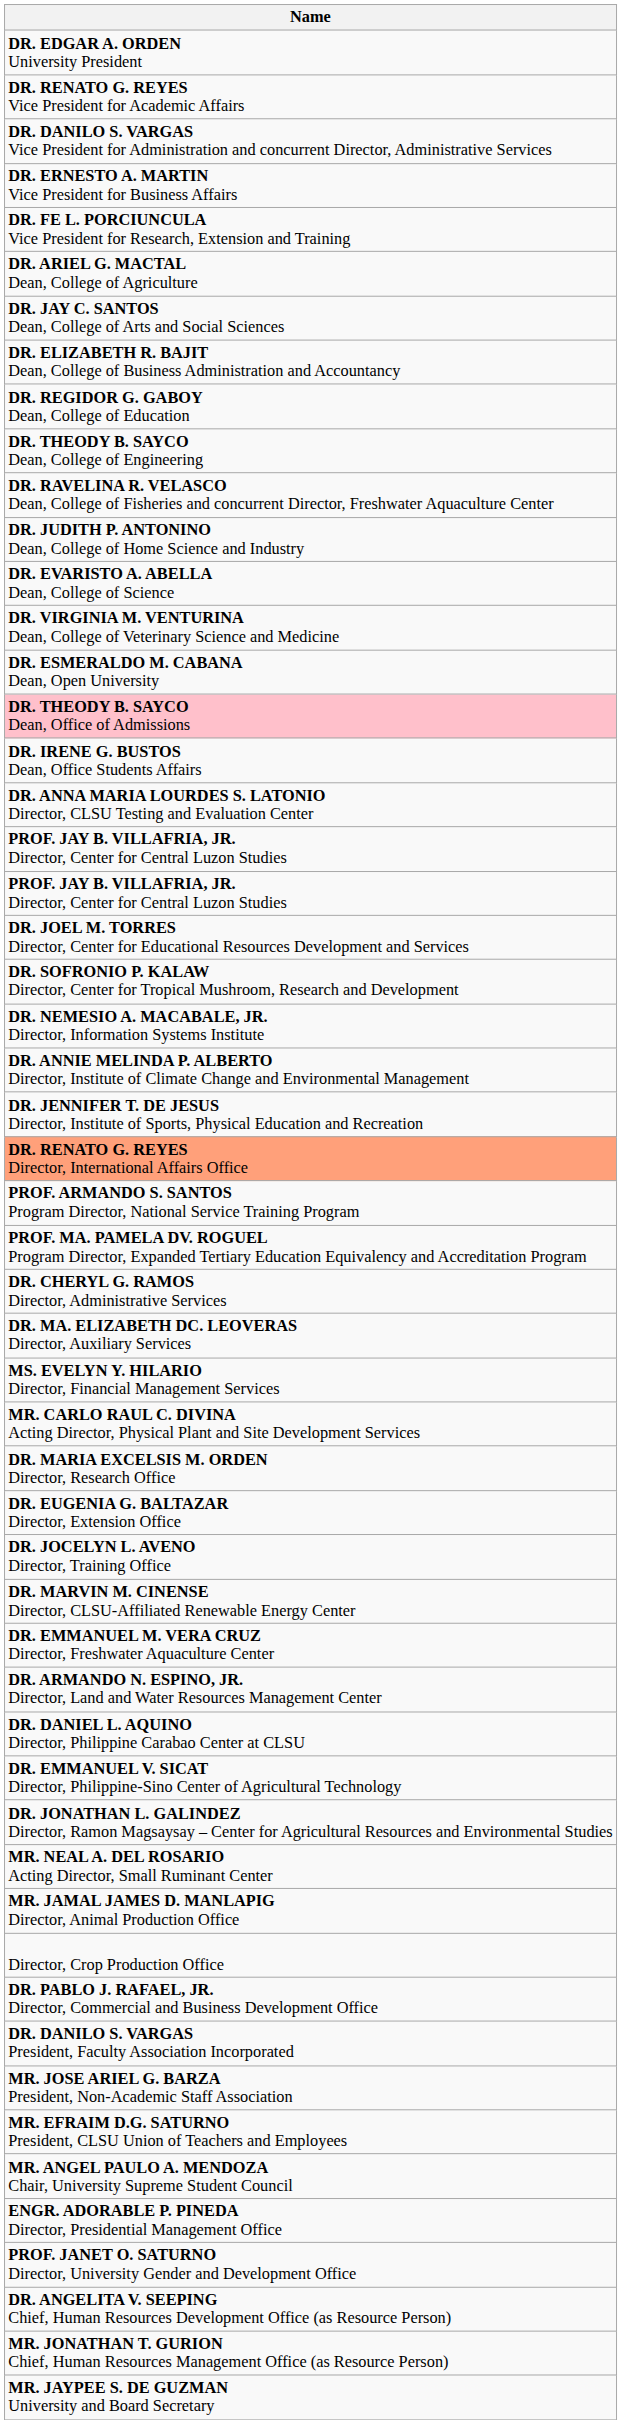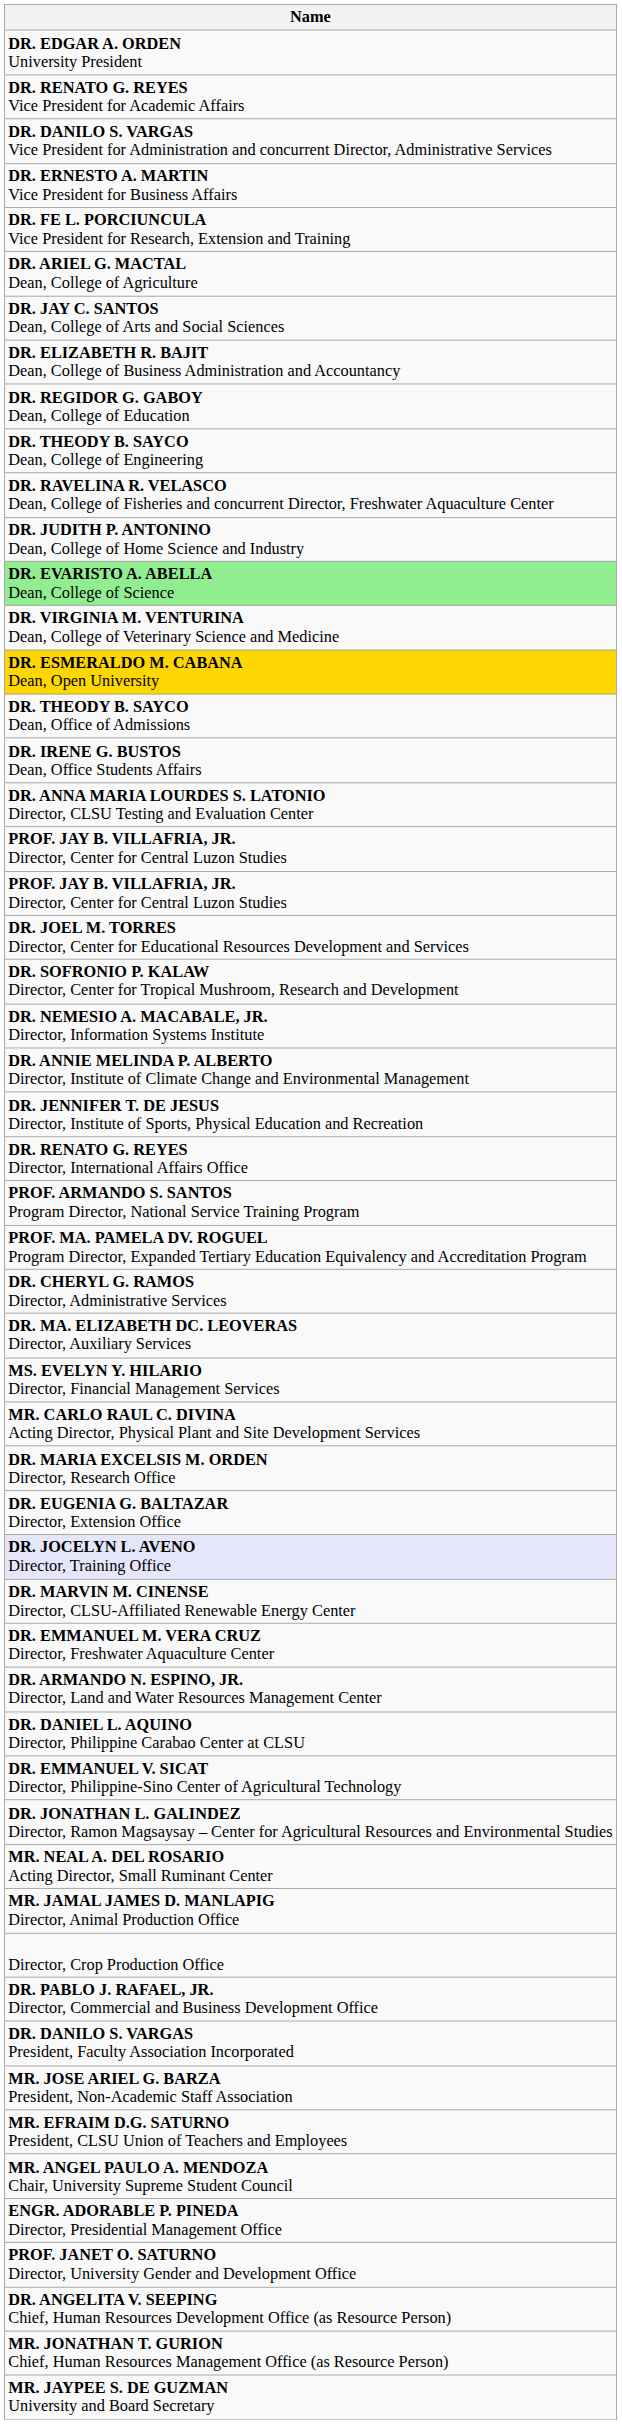 <table class="wikitable collapsible collapsed">
 <tr>
 <th>Name</th>
 </tr>
 <tr>
 <td><strong>DR. EDGAR A. ORDEN</strong><br>University President</td>
 </tr>
 <tr>
 <td><strong>DR. RENATO G. REYES</strong><br>Vice President for Academic Affairs</td>
 </tr>
 <tr>
 <td><strong>DR. DANILO S. VARGAS</strong><br>Vice President for Administration and concurrent Director, Administrative Services</td>
 </tr>
 <tr>
 <td><strong>DR. ERNESTO A. MARTIN</strong><br>Vice President for Business Affairs</td>
 </tr>
 <tr>
 <td><strong>DR. FE L. PORCIUNCULA</strong><br>Vice President for Research, Extension and Training</td>
 </tr>
 <tr>
 <td><strong>DR. ARIEL G. MACTAL</strong><br>Dean, College of Agriculture</td>
 </tr>
 <tr>
 <td><strong>DR. JAY C. SANTOS</strong><br>Dean, College of Arts and Social Sciences</td>
 </tr>
 <tr>
 <td><strong>DR. ELIZABETH R. BAJIT</strong><br>Dean, College of Business Administration and Accountancy</td>
 </tr>
 <tr>
 <td><strong>DR. REGIDOR G. GABOY</strong><br>Dean, College of Education</td>
 </tr>
 <tr>
 <td><strong>DR. THEODY B. SAYCO</strong><br>Dean, College of Engineering</td>
 </tr>
 <tr>
 <td><strong>DR. RAVELINA R. VELASCO</strong><br>Dean, College of Fisheries and concurrent Director, Freshwater Aquaculture Center</td>
 </tr>
 <tr>
 <td><strong>DR. JUDITH P. ANTONINO</strong><br>Dean, College of Home Science and Industry</td>
 </tr>
 <tr>
-<td><strong>DR. EVARISTO A. ABELLA</strong><br>Dean, College of Science</td>
+<td style="background: lightgreen;"><strong>DR. EVARISTO A. ABELLA</strong><br>Dean, College of Science</td>
 </tr>
 <tr>
 <td><strong>DR. VIRGINIA M. VENTURINA</strong><br>Dean, College of Veterinary Science and Medicine</td>
 </tr>
 <tr>
-<td><strong>DR. ESMERALDO M. CABANA</strong><br>Dean, Open University</td>
+<td style="background: gold;"><strong>DR. ESMERALDO M. CABANA</strong><br>Dean, Open University</td>
 </tr>
 <tr>
-<td style="background: pink;"><strong>DR. THEODY B. SAYCO</strong><br>Dean, Office of Admissions</td>
+<td><strong>DR. THEODY B. SAYCO</strong><br>Dean, Office of Admissions</td>
 </tr>
 <tr>
 <td><strong>DR. IRENE G. BUSTOS</strong><br>Dean, Office Students Affairs</td>
 </tr>
 <tr>
 <td><strong>DR. ANNA MARIA LOURDES S. LATONIO</strong><br>Director, CLSU Testing and Evaluation Center</td>
 </tr>
 <tr>
 <td><strong>PROF. JAY B. VILLAFRIA, JR.</strong><br>Director, Center for Central Luzon Studies</td>
 </tr>
 <tr>
 <td><strong>PROF. JAY B. VILLAFRIA, JR.</strong><br>Director, Center for Central Luzon Studies</td>
 </tr>
 <tr>
 <td><strong>DR. JOEL M. TORRES</strong><br>Director, Center for Educational Resources Development and Services</td>
 </tr>
 <tr>
 <td><strong>DR. SOFRONIO P. KALAW</strong><br>Director, Center for Tropical Mushroom, Research and Development</td>
 </tr>
 <tr>
 <td><strong>DR. NEMESIO A. MACABALE, JR.</strong><br>Director, Information Systems Institute</td>
 </tr>
 <tr>
 <td><strong>DR. ANNIE MELINDA P. ALBERTO</strong><br>Director, Institute of Climate Change and Environmental Management</td>
 </tr>
 <tr>
 <td><strong>DR. JENNIFER T. DE JESUS</strong><br>Director, Institute of Sports, Physical Education and Recreation</td>
 </tr>
 <tr>
-<td style="background: lightsalmon;"><strong>DR. RENATO G. REYES</strong><br>Director, International Affairs Office</td>
+<td><strong>DR. RENATO G. REYES</strong><br>Director, International Affairs Office</td>
 </tr>
 <tr>
 <td><strong>PROF. ARMANDO S. SANTOS</strong><br>Program Director, National Service Training Program</td>
 </tr>
 <tr>
 <td><strong>PROF. MA. PAMELA DV. ROGUEL</strong><br>Program Director, Expanded Tertiary Education Equivalency and Accreditation Program</td>
 </tr>
 <tr>
 <td><strong>DR. CHERYL G. RAMOS</strong><br>Director, Administrative Services</td>
 </tr>
 <tr>
 <td><strong>DR. MA. ELIZABETH DC. LEOVERAS</strong><br>Director, Auxiliary Services</td>
 </tr>
 <tr>
 <td><strong>MS. EVELYN Y. HILARIO</strong><br>Director, Financial Management Services</td>
 </tr>
 <tr>
 <td><strong>MR. CARLO RAUL C. DIVINA</strong><br>Acting Director, Physical Plant and Site Development Services</td>
 </tr>
 <tr>
 <td><strong>DR. MARIA EXCELSIS M. ORDEN</strong><br>Director, Research Office</td>
 </tr>
 <tr>
 <td><strong>DR. EUGENIA G. BALTAZAR</strong><br>Director, Extension Office</td>
 </tr>
 <tr>
-<td><strong>DR. JOCELYN L. AVENO</strong><br>Director, Training Office</td>
+<td style="background: lavender;"><strong>DR. JOCELYN L. AVENO</strong><br>Director, Training Office</td>
 </tr>
 <tr>
 <td><strong>DR. MARVIN M. CINENSE</strong><br>Director, CLSU-Affiliated Renewable Energy Center</td>
 </tr>
 <tr>
 <td><strong>DR. EMMANUEL M. VERA CRUZ</strong><br>Director, Freshwater Aquaculture Center</td>
 </tr>
 <tr>
 <td><strong>DR. ARMANDO N. ESPINO, JR.</strong><br>Director, Land and Water Resources Management Center</td>
 </tr>
 <tr>
 <td><strong>DR. DANIEL L. AQUINO</strong><br>Director, Philippine Carabao Center at CLSU</td>
 </tr>
 <tr>
 <td><strong>DR. EMMANUEL V. SICAT</strong><br>Director, Philippine-Sino Center of Agricultural Technology</td>
 </tr>
 <tr>
 <td><strong>DR. JONATHAN L. GALINDEZ</strong><br>Director, Ramon Magsaysay – Center for Agricultural Resources and Environmental Studies</td>
 </tr>
 <tr>
 <td><strong>MR. NEAL A. DEL ROSARIO</strong><br>Acting Director, Small Ruminant Center</td>
 </tr>
 <tr>
 <td><strong>MR. JAMAL JAMES D. MANLAPIG</strong><br>Director, Animal Production Office</td>
 </tr>
 <tr>
 <td><strong> </strong><br>Director, Crop Production Office</td>
 </tr>
 <tr>
 <td><strong>DR. PABLO J. RAFAEL, JR.</strong><br>Director, Commercial and Business Development Office</td>
 </tr>
 <tr>
 <td><strong>DR. DANILO S. VARGAS</strong><br>President, Faculty Association Incorporated</td>
 </tr>
 <tr>
 <td><strong>MR. JOSE ARIEL G. BARZA</strong><br>President, Non-Academic Staff Association</td>
 </tr>
 <tr>
 <td><strong>MR. EFRAIM D.G. SATURNO</strong><br>President, CLSU Union of Teachers and Employees</td>
 </tr>
 <tr>
 <td><strong>MR. ANGEL PAULO A. MENDOZA</strong><br>Chair, University Supreme Student Council</td>
 </tr>
 <tr>
 <td><strong>ENGR. ADORABLE P. PINEDA</strong><br>Director, Presidential Management Office</td>
 </tr>
 <tr>
 <td><strong>PROF. JANET O. SATURNO</strong><br>Director, University Gender and Development Office</td>
 </tr>
 <tr>
 <td><strong>DR. ANGELITA V. SEEPING</strong><br>Chief, Human Resources Development Office (as Resource Person)</td>
 </tr>
 <tr>
 <td><strong>MR. JONATHAN T. GURION</strong><br>Chief, Human Resources Management Office (as Resource Person)</td>
 </tr>
 <tr>
 <td><strong>MR. JAYPEE S. DE GUZMAN</strong><br>University and Board Secretary</td>
 </tr>
 </table>
